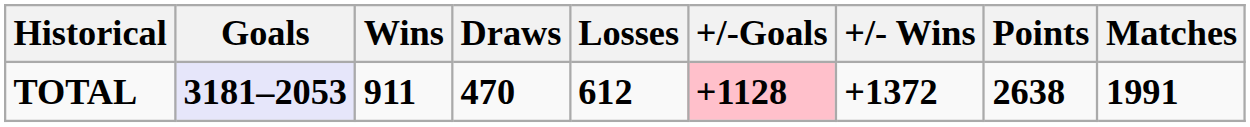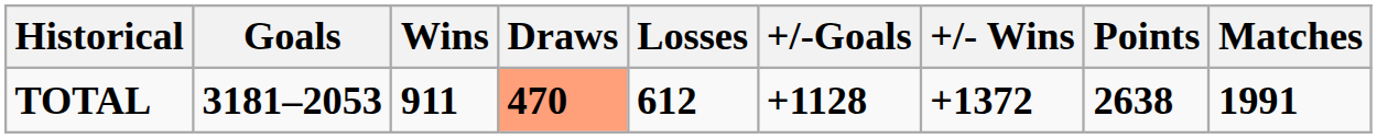 <table class="wikitable">
 <tr>
 <th>Historical</th>
 <th>Goals</th>
 <th>Wins</th>
 <th>Draws</th>
 <th>Losses</th>
 <th>+/-Goals</th>
 <th>+/- Wins</th>
 <th>Points</th>
 <th>Matches</th>
 </tr>
 <tr>
 <td><strong>TOTAL</strong></td>
-<td style="background: lavender;"><strong>3181–2053</strong></td>
+<td><strong>3181–2053</strong></td>
 <td><strong>911</strong></td>
-<td><strong>470</strong></td>
+<td style="background: lightsalmon;"><strong>470</strong></td>
 <td><strong>612</strong></td>
-<td style="background: pink;"><strong>+1128</strong></td>
+<td><strong>+1128</strong></td>
 <td><strong>+1372</strong></td>
 <td><strong>2638</strong></td>
 <td><strong>1991</strong></td>
 </tr>
 </table>
